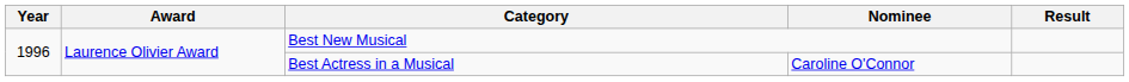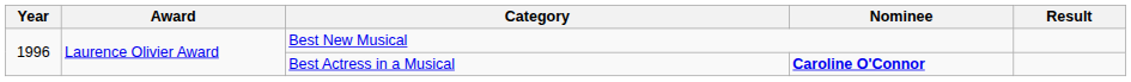 <table class="wikitable" width="95%">
 <tr>
 <th width="5%">Year</th>
 <th width="20%">Award</th>
 <th width="45%">Category</th>
 <th width="20%">Nominee</th>
 <th width="10%">Result</th>
 </tr>
 <tr>
 <td rowspan="2" align="center">1996</td>
 <td rowspan="2"><a href='#'>Laurence Olivier Award</a></td>
 <td colspan="2"><a href='#'>Best New Musical</a></td>
 <td></td>
 </tr>
 <tr>
 <td><a href='#'>Best Actress in a Musical</a></td>
-<td><a href='#'>Caroline O'Connor</a></td>
+<td><strong><a href='#'>Caroline O'Connor</a></strong></td>
 <td></td>
 </tr>
 </table>
